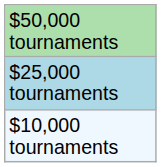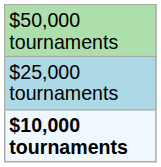 <table class="wikitable" style="font-size:85%; width:12%;">
 <tr style="background:#addfad;">
 <td>$50,000 tournaments</td>
 </tr>
 <tr style="background:lightblue;">
 <td>$25,000 tournaments</td>
 </tr>
 <tr style="background:#f0f8ff;">
-<td>$10,000 tournaments</td>
+<td><strong>$10,000 tournaments</strong></td>
 </tr>
 </table>
